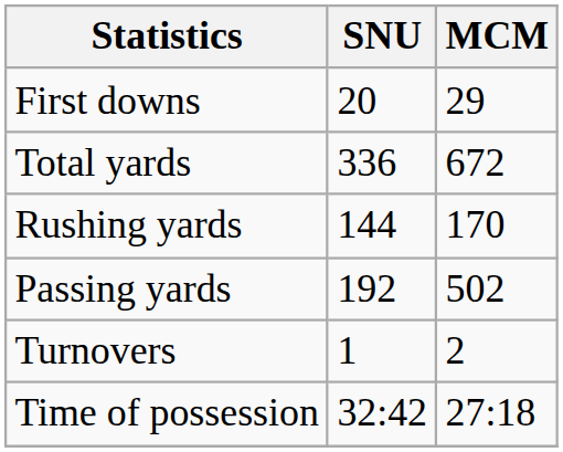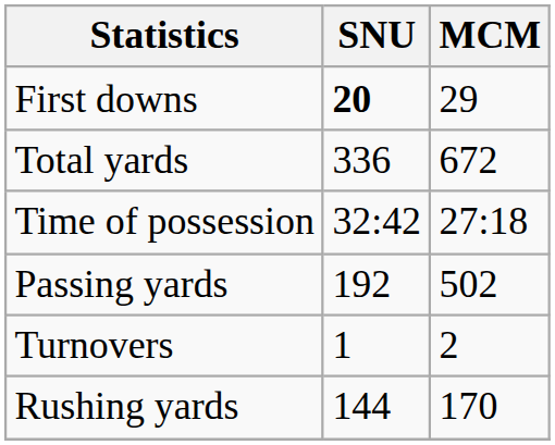 <table class="wikitable">
 <tr>
 <th>Statistics</th>
 <th>SNU</th>
 <th>MCM</th>
 </tr>
 <tr>
 <td>First downs</td>
-<td>20</td>
+<td><strong>20</strong></td>
 <td>29</td>
 </tr>
 <tr>
 <td>Total yards</td>
 <td>336</td>
 <td>672</td>
 </tr>
 <tr>
-<td>Rushing yards</td>
-<td>144</td>
-<td>170</td>
+<td>Time of possession</td>
+<td>32:42</td>
+<td>27:18</td>
 </tr>
 <tr>
 <td>Passing yards</td>
 <td>192</td>
 <td>502</td>
 </tr>
 <tr>
 <td>Turnovers</td>
 <td>1</td>
 <td>2</td>
 </tr>
 <tr>
-<td>Time of possession</td>
-<td>32:42</td>
-<td>27:18</td>
+<td>Rushing yards</td>
+<td>144</td>
+<td>170</td>
 </tr>
 <tr>
 </tr>
 </table>
